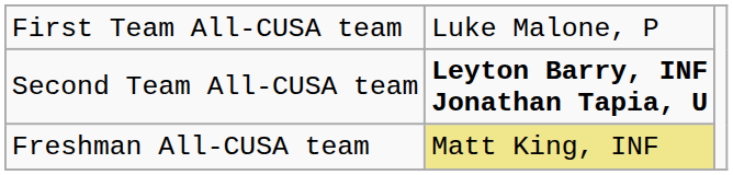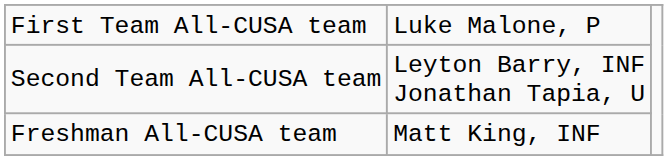 <table class="wikitable">
 <tr>
 <td>First Team All-CUSA team</td>
 <td>Luke Malone, P</td>
 <td rowspan=3></td>
 </tr>
 <tr>
 <td>Second Team All-CUSA team</td>
-<td><strong>Leyton Barry, INF<br>Jonathan Tapia, U</strong></td>
+<td>Leyton Barry, INF<br>Jonathan Tapia, U</td>
 </tr>
 <tr>
 <td>Freshman All-CUSA team</td>
-<td style="background: khaki;">Matt King, INF</td>
+<td>Matt King, INF</td>
 </tr>
 </table>
